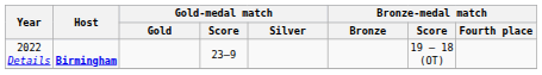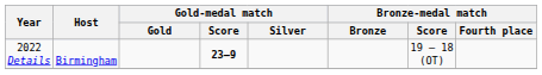 <table class="wikitable" style="font-size:90%; width: 98%; text-align: center;">
 <tr bgcolor=#C1D8FF>
 <th rowspan=2 width=5%>Year</th>
 <th rowspan=2 width=10%>Host</th>
 <th colspan=3>Gold-medal match</th>
 <th colspan=3>Bronze-medal match</th>
 </tr>
 <tr bgcolor=#EFEFEF>
 <th width=15%> Gold</th>
 <th width=9%>Score</th>
 <th width=15%> Silver</th>
 <th width=15%> Bronze</th>
 <th width=9%>Score</th>
 <th width=15%>Fourth place</th>
 </tr>
 <tr align=center>
 <td>2022 <br> <em><a href='#'>Details</a></em></td>
-<td><strong> <br> <a href='#'>Birmingham</a></strong></td>
+<td> <br> <a href='#'>Birmingham</a></td>
 <td><strong></strong></td>
-<td>23–9</td>
+<td><strong>23–9</strong></td>
 <td></td>
 <td></td>
 <td>19 – 18 <br>(OT)</td>
 <td></td>
 </tr>
 <tr>
 </tr>
 </table>
